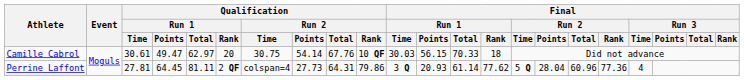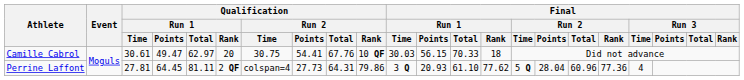 <table class=wikitable style=font-size:90%;text-align:center>
 <tr>
 <th rowspan=3>Athlete</th>
 <th rowspan=3>Event</th>
 <th colspan=8>Qualification</th>
 <th colspan=12>Final</th>
 </tr>
 <tr style=font-size:95%>
 <th colspan=4>Run 1</th>
 <th colspan=4>Run 2</th>
 <th colspan=4>Run 1</th>
 <th colspan=4>Run 2</th>
 <th colspan=4>Run 3</th>
 </tr>
 <tr style=font-size:95%>
 <th>Time</th>
 <th>Points</th>
 <th>Total</th>
 <th>Rank</th>
 <th>Time</th>
 <th>Points</th>
 <th>Total</th>
 <th>Rank</th>
 <th>Time</th>
 <th>Points</th>
 <th>Total</th>
 <th>Rank</th>
 <th>Time</th>
 <th>Points</th>
 <th>Total</th>
 <th>Rank</th>
 <th>Time</th>
 <th>Points</th>
 <th>Total</th>
 <th>Rank</th>
 </tr>
 <tr>
 <td align=left><a href='#'>Camille Cabrol</a></td>
 <td align=left rowspan=2><a href='#'>Moguls</a></td>
 <td>30.61</td>
 <td>49.47</td>
 <td>62.97</td>
 <td>20</td>
 <td>30.75</td>
-<td>54.14</td>
+<td>54.41</td>
 <td>67.76</td>
 <td>10 <strong>QF</strong></td>
 <td>30.03</td>
 <td>56.15</td>
 <td>70.33</td>
 <td>18</td>
 <td colspan=8>Did not advance</td>
 </tr>
 <tr>
 <td align=left><a href='#'>Perrine Laffont</a></td>
 <td>27.81</td>
 <td>64.45</td>
 <td>81.11</td>
 <td>2 <strong>QF</strong></td>
 <td>colspan=4 </td>
 <td>27.73</td>
 <td>64.31</td>
 <td>79.86</td>
 <td>3 <strong>Q</strong></td>
 <td>20.93</td>
-<td>61.14</td>
+<td>61.10</td>
 <td>77.62</td>
 <td>5 <strong>Q</strong></td>
 <td>28.04</td>
 <td>60.96</td>
 <td>77.36</td>
 <td>4</td>
 </tr>
 </table>
